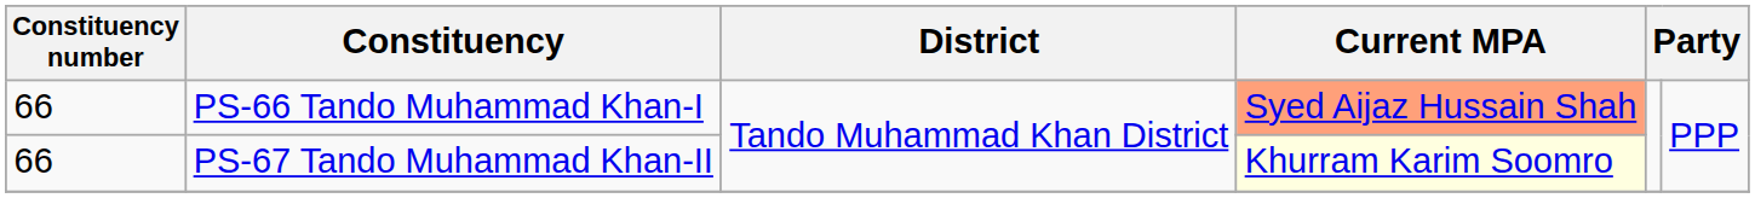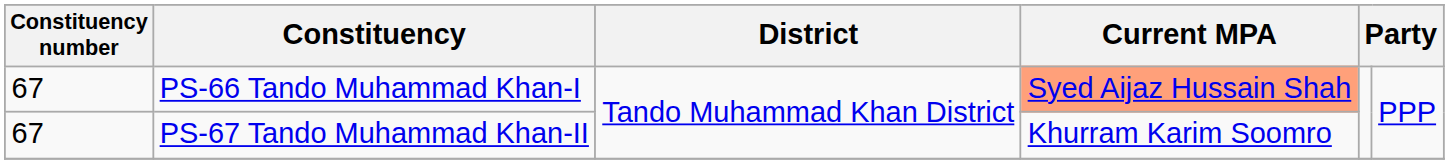 <table class="wikitable">
 <tr>
 <th width="50px" style="font-size:75%">Constituency number</th>
 <th>Constituency</th>
 <th>District</th>
 <th>Current MPA</th>
 <th colspan="2">Party</th>
 </tr>
 <tr>
-<td>66</td>
+<td>67</td>
 <td><a href='#'>PS-66 Tando Muhammad Khan-I</a></td>
 <td rowspan="2"><a href='#'>Tando Muhammad Khan District</a></td>
 <td style="background: lightsalmon;"><a href='#'>Syed Aijaz Hussain Shah</a></td>
 <td rowspan="2"></td>
 <td rowspan="2"><a href='#'>PPP</a></td>
 </tr>
 <tr>
-<td>66</td>
+<td>67</td>
 <td><a href='#'>PS-67 Tando Muhammad Khan-II</a></td>
-<td style="background: lightyellow;"><a href='#'>Khurram Karim Soomro</a></td>
+<td><a href='#'>Khurram Karim Soomro</a></td>
 </tr>
 <tr>
 </tr>
 </table>
